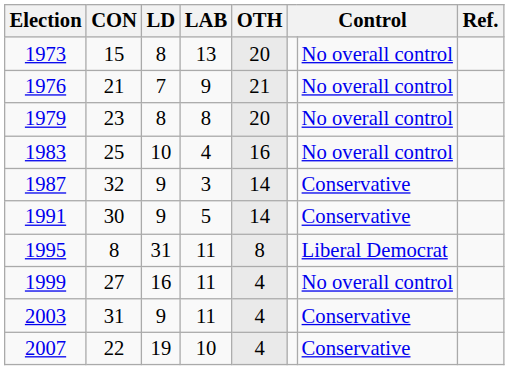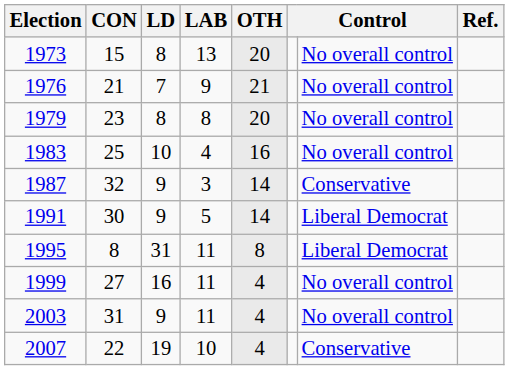 <table class="wikitable" style="text-align:center">
 <tr>
 <th>Election</th>
 <th>CON</th>
 <th>LD</th>
 <th>LAB</th>
 <th>OTH</th>
 <th colspan="2">Control</th>
 <th><abbr>Ref.</abbr></th>
 </tr>
 <tr>
 <td><a href='#'>1973</a></td>
 <td style="background-color: ">15</td>
 <td style="background-color: ">8</td>
 <td style="background-color: ">13</td>
 <td style="background:#eaeaea;">20</td>
 <td style="background-color: "></td>
 <td style="text-align:left"><a href='#'>No overall control</a></td>
 <td></td>
 </tr>
 <tr>
 <td><a href='#'>1976</a></td>
 <td style="background-color: ">21</td>
 <td style="background-color: ">7</td>
 <td style="background-color: ">9</td>
 <td style="background:#eaeaea;">21</td>
 <td style="background-color: "></td>
 <td style="text-align:left"><a href='#'>No overall control</a></td>
 <td></td>
 </tr>
 <tr>
 <td><a href='#'>1979</a></td>
 <td style="background-color: ">23</td>
 <td style="background-color: ">8</td>
 <td style="background-color: ">8</td>
 <td style="background:#eaeaea;">20</td>
 <td style="background-color: "></td>
 <td style="text-align:left"><a href='#'>No overall control</a></td>
 <td></td>
 </tr>
 <tr>
 <td><a href='#'>1983</a></td>
 <td style="background-color: ">25</td>
 <td style="background-color: ">10</td>
 <td style="background-color: ">4</td>
 <td style="background:#eaeaea;">16</td>
 <td style="background-color: "></td>
 <td style="text-align:left"><a href='#'>No overall control</a></td>
 <td></td>
 </tr>
 <tr>
 <td><a href='#'>1987</a></td>
 <td style="background-color: ">32</td>
 <td style="background-color: ">9</td>
 <td style="background-color: ">3</td>
 <td style="background:#eaeaea;">14</td>
 <td style="background-color: "></td>
 <td style="text-align:left"><a href='#'>Conservative</a></td>
 <td></td>
 </tr>
 <tr>
 <td><a href='#'>1991</a></td>
 <td style="background-color: ">30</td>
 <td style="background-color: ">9</td>
 <td style="background-color: ">5</td>
 <td style="background:#eaeaea;">14</td>
 <td style="background-color: "></td>
-<td style="text-align:left"><a href='#'>Conservative</a></td>
+<td style="text-align:left"><a href='#'>Liberal Democrat</a></td>
 <td></td>
 </tr>
 <tr>
 <td><a href='#'>1995</a></td>
 <td style="background-color: ">8</td>
 <td style="background-color: ">31</td>
 <td style="background-color: ">11</td>
 <td style="background:#eaeaea;">8</td>
 <td style="background-color: "></td>
 <td style="text-align:left"><a href='#'>Liberal Democrat</a></td>
 <td></td>
 </tr>
 <tr>
 <td><a href='#'>1999</a></td>
 <td style="background-color: ">27</td>
 <td style="background-color: ">16</td>
 <td style="background-color: ">11</td>
 <td style="background:#eaeaea;">4</td>
 <td style="background-color: "></td>
 <td style="text-align:left"><a href='#'>No overall control</a></td>
 <td></td>
 </tr>
 <tr>
 <td><a href='#'>2003</a></td>
 <td style="background-color: ">31</td>
 <td style="background-color: ">9</td>
 <td style="background-color: ">11</td>
 <td style="background:#eaeaea;">4</td>
 <td style="background-color: "></td>
-<td style="text-align:left"><a href='#'>Conservative</a></td>
+<td style="text-align:left"><a href='#'>No overall control</a></td>
 <td></td>
 </tr>
 <tr>
 <td><a href='#'>2007</a></td>
 <td style="background-color: ">22</td>
 <td style="background-color: ">19</td>
 <td style="background-color: ">10</td>
 <td style="background:#eaeaea;">4</td>
 <td style="background-color: "></td>
 <td style="text-align:left"><a href='#'>Conservative</a></td>
 <td></td>
 </tr>
 </table>
